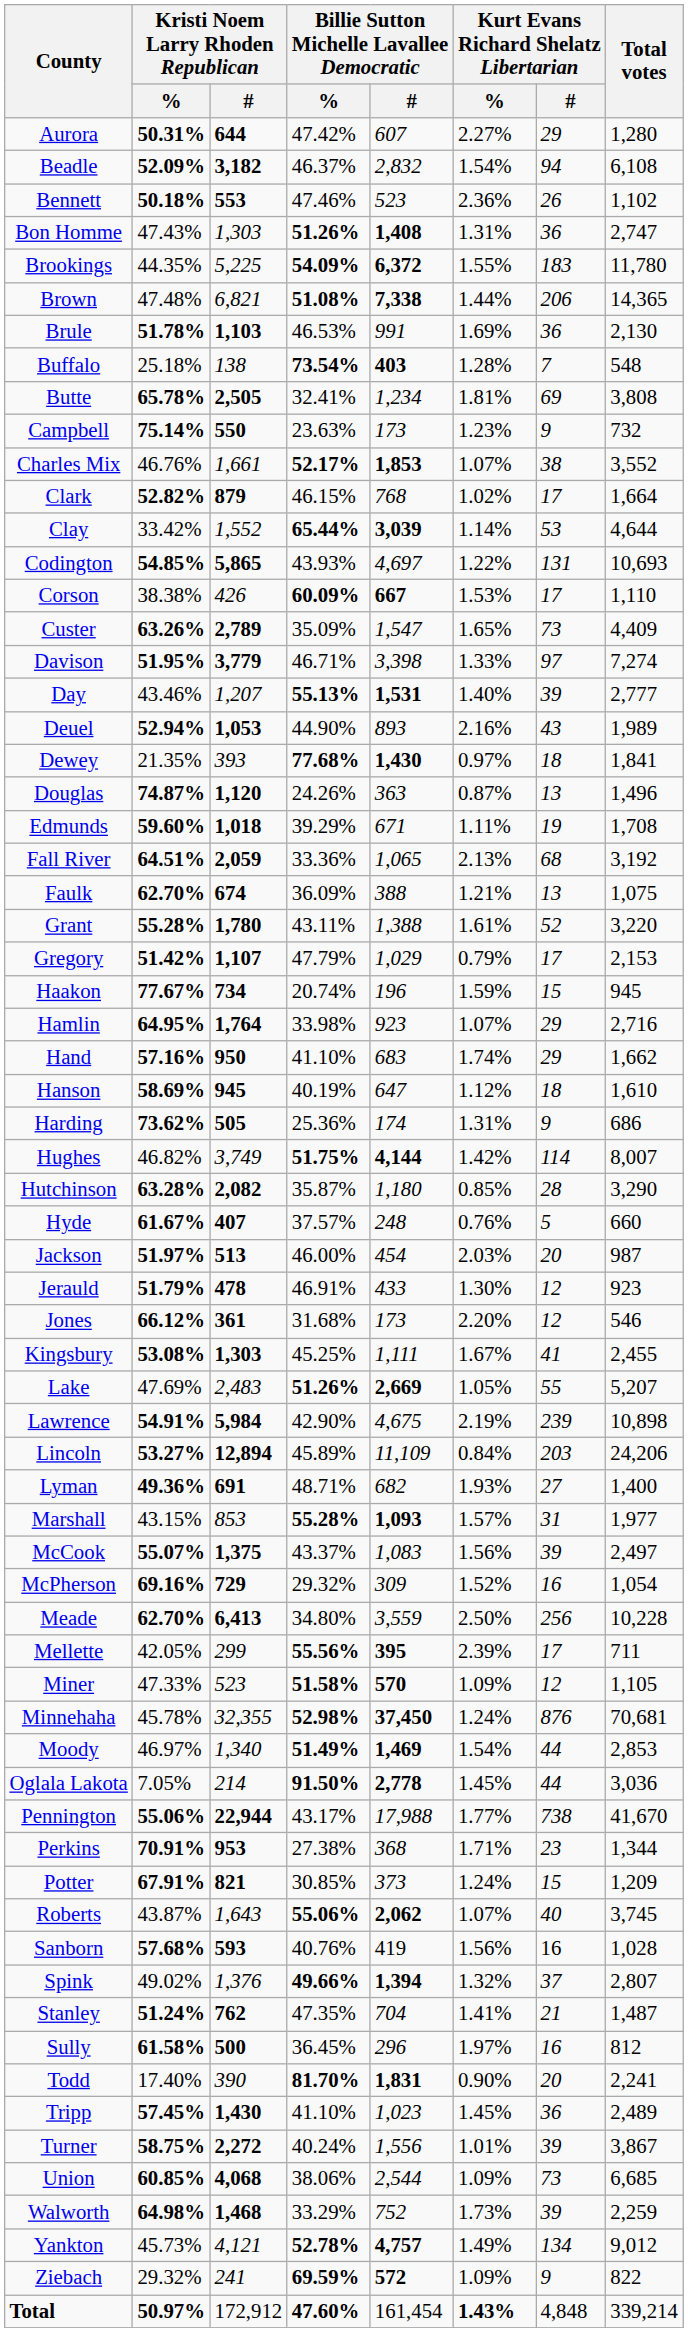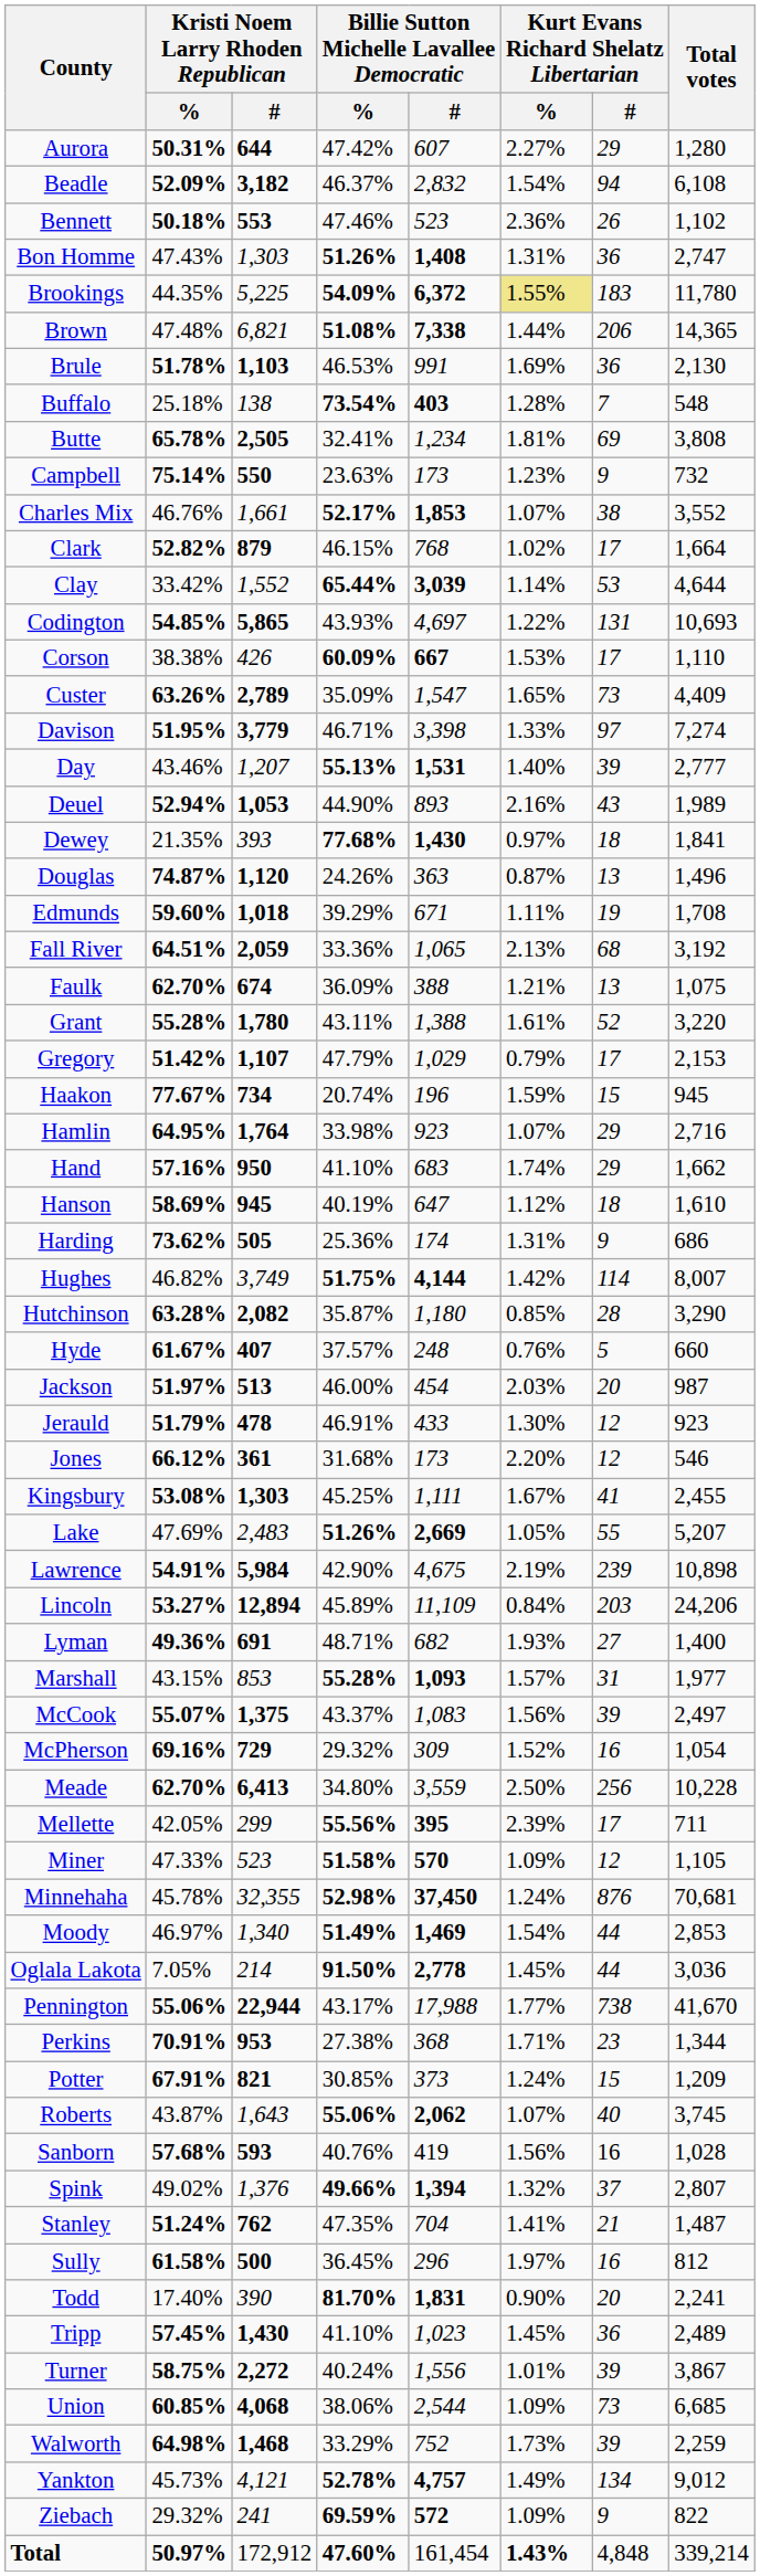 <table class="wikitable sortable">
 <tr>
 <th colspan="1" rowspan="2">County</th>
 <th colspan="2">Kristi Noem<br>Larry Rhoden<br><em>Republican</em></th>
 <th colspan="2">Billie Sutton<br>Michelle Lavallee<br><em>Democratic</em></th>
 <th colspan="2">Kurt Evans<br>Richard Shelatz<br><em>Libertarian</em></th>
 <th colspan="1" rowspan="2">Total<br>votes</th>
 </tr>
 <tr>
 <th colspan="1">%</th>
 <th colspan="1">#</th>
 <th colspan="1">%</th>
 <th colspan="1">#</th>
 <th colspan="1">%</th>
 <th colspan="1">#</th>
 </tr>
 <tr>
 <td align="center" ><a href='#'>Aurora</a></td>
 <td><strong>50.31%</strong></td>
 <td><strong>644</strong></td>
 <td>47.42%</td>
 <td><em>607</em></td>
 <td>2.27%</td>
 <td><em>29</em></td>
 <td>1,280</td>
 </tr>
 <tr>
 <td align="center" ><a href='#'>Beadle</a></td>
 <td><strong>52.09%</strong></td>
 <td><strong>3,182</strong></td>
 <td>46.37%</td>
 <td><em>2,832</em></td>
 <td>1.54%</td>
 <td><em>94</em></td>
 <td>6,108</td>
 </tr>
 <tr>
 <td align="center" ><a href='#'>Bennett</a></td>
 <td><strong>50.18%</strong></td>
 <td><strong>553</strong></td>
 <td>47.46%</td>
 <td><em>523</em></td>
 <td>2.36%</td>
 <td><em>26</em></td>
 <td>1,102</td>
 </tr>
 <tr>
 <td align="center" ><a href='#'>Bon Homme</a></td>
 <td>47.43%</td>
 <td><em>1,303</em></td>
 <td><strong>51.26%</strong></td>
 <td><strong>1,408</strong></td>
 <td>1.31%</td>
 <td><em>36</em></td>
 <td>2,747</td>
 </tr>
 <tr>
 <td align="center" ><a href='#'>Brookings</a></td>
 <td>44.35%</td>
 <td><em>5,225</em></td>
 <td><strong>54.09%</strong></td>
 <td><strong>6,372</strong></td>
-<td>1.55%</td>
+<td style="background: khaki;">1.55%</td>
 <td><em>183</em></td>
 <td>11,780</td>
 </tr>
 <tr>
 <td align="center" ><a href='#'>Brown</a></td>
 <td>47.48%</td>
 <td><em>6,821</em></td>
 <td><strong>51.08%</strong></td>
 <td><strong>7,338</strong></td>
 <td>1.44%</td>
 <td><em>206</em></td>
 <td>14,365</td>
 </tr>
 <tr>
 <td align="center" ><a href='#'>Brule</a></td>
 <td><strong>51.78%</strong></td>
 <td><strong>1,103</strong></td>
 <td>46.53%</td>
 <td><em>991</em></td>
 <td>1.69%</td>
 <td><em>36</em></td>
 <td>2,130</td>
 </tr>
 <tr>
 <td align="center" ><a href='#'>Buffalo</a></td>
 <td>25.18%</td>
 <td><em>138</em></td>
 <td><strong>73.54%</strong></td>
 <td><strong>403</strong></td>
 <td>1.28%</td>
 <td><em>7</em></td>
 <td>548</td>
 </tr>
 <tr>
 <td align="center" ><a href='#'>Butte</a></td>
 <td><strong>65.78%</strong></td>
 <td><strong>2,505</strong></td>
 <td>32.41%</td>
 <td><em>1,234</em></td>
 <td>1.81%</td>
 <td><em>69</em></td>
 <td>3,808</td>
 </tr>
 <tr>
 <td align="center" ><a href='#'>Campbell</a></td>
 <td><strong>75.14%</strong></td>
 <td><strong>550</strong></td>
 <td>23.63%</td>
 <td><em>173</em></td>
 <td>1.23%</td>
 <td><em>9</em></td>
 <td>732</td>
 </tr>
 <tr>
 <td align="center" ><a href='#'>Charles Mix</a></td>
 <td>46.76%</td>
 <td><em>1,661</em></td>
 <td><strong>52.17%</strong></td>
 <td><strong>1,853</strong></td>
 <td>1.07%</td>
 <td><em>38</em></td>
 <td>3,552</td>
 </tr>
 <tr>
 <td align="center" ><a href='#'>Clark</a></td>
 <td><strong>52.82%</strong></td>
 <td><strong>879</strong></td>
 <td>46.15%</td>
 <td><em>768</em></td>
 <td>1.02%</td>
 <td><em>17</em></td>
 <td>1,664</td>
 </tr>
 <tr>
 <td align="center" ><a href='#'>Clay</a></td>
 <td>33.42%</td>
 <td><em>1,552</em></td>
 <td><strong>65.44%</strong></td>
 <td><strong>3,039</strong></td>
 <td>1.14%</td>
 <td><em>53</em></td>
 <td>4,644</td>
 </tr>
 <tr>
 <td align="center" ><a href='#'>Codington</a></td>
 <td><strong>54.85%</strong></td>
 <td><strong>5,865</strong></td>
 <td>43.93%</td>
 <td><em>4,697</em></td>
 <td>1.22%</td>
 <td><em>131</em></td>
 <td>10,693</td>
 </tr>
 <tr>
 <td align="center" ><a href='#'>Corson</a></td>
 <td>38.38%</td>
 <td><em>426</em></td>
 <td><strong>60.09%</strong></td>
 <td><strong>667</strong></td>
 <td>1.53%</td>
 <td><em>17</em></td>
 <td>1,110</td>
 </tr>
 <tr>
 <td align="center" ><a href='#'>Custer</a></td>
 <td><strong>63.26%</strong></td>
 <td><strong>2,789</strong></td>
 <td>35.09%</td>
 <td><em>1,547</em></td>
 <td>1.65%</td>
 <td><em>73</em></td>
 <td>4,409</td>
 </tr>
 <tr>
 <td align="center" ><a href='#'>Davison</a></td>
 <td><strong>51.95%</strong></td>
 <td><strong>3,779</strong></td>
 <td>46.71%</td>
 <td><em>3,398</em></td>
 <td>1.33%</td>
 <td><em>97</em></td>
 <td>7,274</td>
 </tr>
 <tr>
 <td align="center" ><a href='#'>Day</a></td>
 <td>43.46%</td>
 <td><em>1,207</em></td>
 <td><strong>55.13%</strong></td>
 <td><strong>1,531</strong></td>
 <td>1.40%</td>
 <td><em>39</em></td>
 <td>2,777</td>
 </tr>
 <tr>
 <td align="center" ><a href='#'>Deuel</a></td>
 <td><strong>52.94%</strong></td>
 <td><strong>1,053</strong></td>
 <td>44.90%</td>
 <td><em>893</em></td>
 <td>2.16%</td>
 <td><em>43</em></td>
 <td>1,989</td>
 </tr>
 <tr>
 <td align="center" ><a href='#'>Dewey</a></td>
 <td>21.35%</td>
 <td><em>393</em></td>
 <td><strong>77.68%</strong></td>
 <td><strong>1,430</strong></td>
 <td>0.97%</td>
 <td><em>18</em></td>
 <td>1,841</td>
 </tr>
 <tr>
 <td align="center" ><a href='#'>Douglas</a></td>
 <td><strong>74.87%</strong></td>
 <td><strong>1,120</strong></td>
 <td>24.26%</td>
 <td><em>363</em></td>
 <td>0.87%</td>
 <td><em>13</em></td>
 <td>1,496</td>
 </tr>
 <tr>
 <td align="center" ><a href='#'>Edmunds</a></td>
 <td><strong>59.60%</strong></td>
 <td><strong>1,018</strong></td>
 <td>39.29%</td>
 <td><em>671</em></td>
 <td>1.11%</td>
 <td><em>19</em></td>
 <td>1,708</td>
 </tr>
 <tr>
 <td align="center" ><a href='#'>Fall River</a></td>
 <td><strong>64.51%</strong></td>
 <td><strong>2,059</strong></td>
 <td>33.36%</td>
 <td><em>1,065</em></td>
 <td>2.13%</td>
 <td><em>68</em></td>
 <td>3,192</td>
 </tr>
 <tr>
 <td align="center" ><a href='#'>Faulk</a></td>
 <td><strong>62.70%</strong></td>
 <td><strong>674</strong></td>
 <td>36.09%</td>
 <td><em>388</em></td>
 <td>1.21%</td>
 <td><em>13</em></td>
 <td>1,075</td>
 </tr>
 <tr>
 <td align="center" ><a href='#'>Grant</a></td>
 <td><strong>55.28%</strong></td>
 <td><strong>1,780</strong></td>
 <td>43.11%</td>
 <td><em>1,388</em></td>
 <td>1.61%</td>
 <td><em>52</em></td>
 <td>3,220</td>
 </tr>
 <tr>
 <td align="center" ><a href='#'>Gregory</a></td>
 <td><strong>51.42%</strong></td>
 <td><strong>1,107</strong></td>
 <td>47.79%</td>
 <td><em>1,029</em></td>
 <td>0.79%</td>
 <td><em>17</em></td>
 <td>2,153</td>
 </tr>
 <tr>
 <td align="center" ><a href='#'>Haakon</a></td>
 <td><strong>77.67%</strong></td>
 <td><strong>734</strong></td>
 <td>20.74%</td>
 <td><em>196</em></td>
 <td>1.59%</td>
 <td><em>15</em></td>
 <td>945</td>
 </tr>
 <tr>
 <td align="center" ><a href='#'>Hamlin</a></td>
 <td><strong>64.95%</strong></td>
 <td><strong>1,764</strong></td>
 <td>33.98%</td>
 <td><em>923</em></td>
 <td>1.07%</td>
 <td><em>29</em></td>
 <td>2,716</td>
 </tr>
 <tr>
 <td align="center" ><a href='#'>Hand</a></td>
 <td><strong>57.16%</strong></td>
 <td><strong>950</strong></td>
 <td>41.10%</td>
 <td><em>683</em></td>
 <td>1.74%</td>
 <td><em>29</em></td>
 <td>1,662</td>
 </tr>
 <tr>
 <td align="center" ><a href='#'>Hanson</a></td>
 <td><strong>58.69%</strong></td>
 <td><strong>945</strong></td>
 <td>40.19%</td>
 <td><em>647</em></td>
 <td>1.12%</td>
 <td><em>18</em></td>
 <td>1,610</td>
 </tr>
 <tr>
 <td align="center" ><a href='#'>Harding</a></td>
 <td><strong>73.62%</strong></td>
 <td><strong>505</strong></td>
 <td>25.36%</td>
 <td><em>174</em></td>
 <td>1.31%</td>
 <td><em>9</em></td>
 <td>686</td>
 </tr>
 <tr>
 <td align="center" ><a href='#'>Hughes</a></td>
 <td>46.82%</td>
 <td><em>3,749</em></td>
 <td><strong>51.75%</strong></td>
 <td><strong>4,144</strong></td>
 <td>1.42%</td>
 <td><em>114</em></td>
 <td>8,007</td>
 </tr>
 <tr>
 <td align="center" ><a href='#'>Hutchinson</a></td>
 <td><strong>63.28%</strong></td>
 <td><strong>2,082</strong></td>
 <td>35.87%</td>
 <td><em>1,180</em></td>
 <td>0.85%</td>
 <td><em>28</em></td>
 <td>3,290</td>
 </tr>
 <tr>
 <td align="center" ><a href='#'>Hyde</a></td>
 <td><strong>61.67%</strong></td>
 <td><strong>407</strong></td>
 <td>37.57%</td>
 <td><em>248</em></td>
 <td>0.76%</td>
 <td><em>5</em></td>
 <td>660</td>
 </tr>
 <tr>
 <td align="center" ><a href='#'>Jackson</a></td>
 <td><strong>51.97%</strong></td>
 <td><strong>513</strong></td>
 <td>46.00%</td>
 <td><em>454</em></td>
 <td>2.03%</td>
 <td><em>20</em></td>
 <td>987</td>
 </tr>
 <tr>
 <td align="center" ><a href='#'>Jerauld</a></td>
 <td><strong>51.79%</strong></td>
 <td><strong>478</strong></td>
 <td>46.91%</td>
 <td><em>433</em></td>
 <td>1.30%</td>
 <td><em>12</em></td>
 <td>923</td>
 </tr>
 <tr>
 <td align="center" ><a href='#'>Jones</a></td>
 <td><strong>66.12%</strong></td>
 <td><strong>361</strong></td>
 <td>31.68%</td>
 <td><em>173</em></td>
 <td>2.20%</td>
 <td><em>12</em></td>
 <td>546</td>
 </tr>
 <tr>
 <td align="center" ><a href='#'>Kingsbury</a></td>
 <td><strong>53.08%</strong></td>
 <td><strong>1,303</strong></td>
 <td>45.25%</td>
 <td><em>1,111</em></td>
 <td>1.67%</td>
 <td><em>41</em></td>
 <td>2,455</td>
 </tr>
 <tr>
 <td align="center" ><a href='#'>Lake</a></td>
 <td>47.69%</td>
 <td><em>2,483</em></td>
 <td><strong>51.26%</strong></td>
 <td><strong>2,669</strong></td>
 <td>1.05%</td>
 <td><em>55</em></td>
 <td>5,207</td>
 </tr>
 <tr>
 <td align="center" ><a href='#'>Lawrence</a></td>
 <td><strong>54.91%</strong></td>
 <td><strong>5,984</strong></td>
 <td>42.90%</td>
 <td><em>4,675</em></td>
 <td>2.19%</td>
 <td><em>239</em></td>
 <td>10,898</td>
 </tr>
 <tr>
 <td align="center" ><a href='#'>Lincoln</a></td>
 <td><strong>53.27%</strong></td>
 <td><strong>12,894</strong></td>
 <td>45.89%</td>
 <td><em>11,109</em></td>
 <td>0.84%</td>
 <td><em>203</em></td>
 <td>24,206</td>
 </tr>
 <tr>
 <td align="center" ><a href='#'>Lyman</a></td>
 <td><strong>49.36%</strong></td>
 <td><strong>691</strong></td>
 <td>48.71%</td>
 <td><em>682</em></td>
 <td>1.93%</td>
 <td><em>27</em></td>
 <td>1,400</td>
 </tr>
 <tr>
 <td align="center" ><a href='#'>Marshall</a></td>
 <td>43.15%</td>
 <td><em>853</em></td>
 <td><strong>55.28%</strong></td>
 <td><strong>1,093</strong></td>
 <td>1.57%</td>
 <td><em>31</em></td>
 <td>1,977</td>
 </tr>
 <tr>
 <td align="center" ><a href='#'>McCook</a></td>
 <td><strong>55.07%</strong></td>
 <td><strong>1,375</strong></td>
 <td>43.37%</td>
 <td><em>1,083</em></td>
 <td>1.56%</td>
 <td><em>39</em></td>
 <td>2,497</td>
 </tr>
 <tr>
 <td align="center" ><a href='#'>McPherson</a></td>
 <td><strong>69.16%</strong></td>
 <td><strong>729</strong></td>
 <td>29.32%</td>
 <td><em>309</em></td>
 <td>1.52%</td>
 <td><em>16</em></td>
 <td>1,054</td>
 </tr>
 <tr>
 <td align="center" ><a href='#'>Meade</a></td>
 <td><strong>62.70%</strong></td>
 <td><strong>6,413</strong></td>
 <td>34.80%</td>
 <td><em>3,559</em></td>
 <td>2.50%</td>
 <td><em>256</em></td>
 <td>10,228</td>
 </tr>
 <tr>
 <td align="center" ><a href='#'>Mellette</a></td>
 <td>42.05%</td>
 <td><em>299</em></td>
 <td><strong>55.56%</strong></td>
 <td><strong>395</strong></td>
 <td>2.39%</td>
 <td><em>17</em></td>
 <td>711</td>
 </tr>
 <tr>
 <td align="center" ><a href='#'>Miner</a></td>
 <td>47.33%</td>
 <td><em>523</em></td>
 <td><strong>51.58%</strong></td>
 <td><strong>570</strong></td>
 <td>1.09%</td>
 <td><em>12</em></td>
 <td>1,105</td>
 </tr>
 <tr>
 <td align="center" ><a href='#'>Minnehaha</a></td>
 <td>45.78%</td>
 <td><em>32,355</em></td>
 <td><strong>52.98%</strong></td>
 <td><strong>37,450</strong></td>
 <td>1.24%</td>
 <td><em>876</em></td>
 <td>70,681</td>
 </tr>
 <tr>
 <td align="center" ><a href='#'>Moody</a></td>
 <td>46.97%</td>
 <td><em>1,340</em></td>
 <td><strong>51.49%</strong></td>
 <td><strong>1,469</strong></td>
 <td>1.54%</td>
 <td><em>44</em></td>
 <td>2,853</td>
 </tr>
 <tr>
 <td align="center" ><a href='#'>Oglala Lakota</a></td>
 <td>7.05%</td>
 <td><em>214</em></td>
 <td><strong>91.50%</strong></td>
 <td><strong>2,778</strong></td>
 <td>1.45%</td>
 <td><em>44</em></td>
 <td>3,036</td>
 </tr>
 <tr>
 <td align="center" ><a href='#'>Pennington</a></td>
 <td><strong>55.06%</strong></td>
 <td><strong>22,944</strong></td>
 <td>43.17%</td>
 <td><em>17,988</em></td>
 <td>1.77%</td>
 <td><em>738</em></td>
 <td>41,670</td>
 </tr>
 <tr>
 <td align="center" ><a href='#'>Perkins</a></td>
 <td><strong>70.91%</strong></td>
 <td><strong>953</strong></td>
 <td>27.38%</td>
 <td><em>368</em></td>
 <td>1.71%</td>
 <td><em>23</em></td>
 <td>1,344</td>
 </tr>
 <tr>
 <td align="center" ><a href='#'>Potter</a></td>
 <td><strong>67.91%</strong></td>
 <td><strong>821</strong></td>
 <td>30.85%</td>
 <td><em>373</em></td>
 <td>1.24%</td>
 <td><em>15</em></td>
 <td>1,209</td>
 </tr>
 <tr>
 <td align="center" ><a href='#'>Roberts</a></td>
 <td>43.87%</td>
 <td><em>1,643</em></td>
 <td><strong>55.06%</strong></td>
 <td><strong>2,062</strong></td>
 <td>1.07%</td>
 <td><em>40</em></td>
 <td>3,745</td>
 </tr>
 <tr>
 <td align="center" ><a href='#'>Sanborn</a></td>
 <td><strong>57.68%</strong></td>
 <td><strong>593</strong></td>
 <td>40.76%</td>
 <td>419</td>
 <td>1.56%</td>
 <td>16</td>
 <td>1,028</td>
 </tr>
 <tr>
 <td align="center" ><a href='#'>Spink</a></td>
 <td>49.02%</td>
 <td><em>1,376</em></td>
 <td><strong>49.66%</strong></td>
 <td><strong>1,394</strong></td>
 <td>1.32%</td>
 <td><em>37</em></td>
 <td>2,807</td>
 </tr>
 <tr>
 <td align="center" ><a href='#'>Stanley</a></td>
 <td><strong>51.24%</strong></td>
 <td><strong>762</strong></td>
 <td>47.35%</td>
 <td><em>704</em></td>
 <td>1.41%</td>
 <td><em>21</em></td>
 <td>1,487</td>
 </tr>
 <tr>
 <td align="center" ><a href='#'>Sully</a></td>
 <td><strong>61.58%</strong></td>
 <td><strong>500</strong></td>
 <td>36.45%</td>
 <td><em>296</em></td>
 <td>1.97%</td>
 <td><em>16</em></td>
 <td>812</td>
 </tr>
 <tr>
 <td align="center" ><a href='#'>Todd</a></td>
 <td>17.40%</td>
 <td><em>390</em></td>
 <td><strong>81.70%</strong></td>
 <td><strong>1,831</strong></td>
 <td>0.90%</td>
 <td><em>20</em></td>
 <td>2,241</td>
 </tr>
 <tr>
 <td align="center" ><a href='#'>Tripp</a></td>
 <td><strong>57.45%</strong></td>
 <td><strong>1,430</strong></td>
 <td>41.10%</td>
 <td><em>1,023</em></td>
 <td>1.45%</td>
 <td><em>36</em></td>
 <td>2,489</td>
 </tr>
 <tr>
 <td align="center" ><a href='#'>Turner</a></td>
 <td><strong>58.75%</strong></td>
 <td><strong>2,272</strong></td>
 <td>40.24%</td>
 <td><em>1,556</em></td>
 <td>1.01%</td>
 <td><em>39</em></td>
 <td>3,867</td>
 </tr>
 <tr>
 <td align="center" ><a href='#'>Union</a></td>
 <td><strong>60.85%</strong></td>
 <td><strong>4,068</strong></td>
 <td>38.06%</td>
 <td><em>2,544</em></td>
 <td>1.09%</td>
 <td><em>73</em></td>
 <td>6,685</td>
 </tr>
 <tr>
 <td align="center" ><a href='#'>Walworth</a></td>
 <td><strong>64.98%</strong></td>
 <td><strong>1,468</strong></td>
 <td>33.29%</td>
 <td><em>752</em></td>
 <td>1.73%</td>
 <td><em>39</em></td>
 <td>2,259</td>
 </tr>
 <tr>
 <td align="center" ><a href='#'>Yankton</a></td>
 <td>45.73%</td>
 <td><em>4,121</em></td>
 <td><strong>52.78%</strong></td>
 <td><strong>4,757</strong></td>
 <td>1.49%</td>
 <td><em>134</em></td>
 <td>9,012</td>
 </tr>
 <tr>
 <td align="center" ><a href='#'>Ziebach</a></td>
 <td>29.32%</td>
 <td><em>241</em></td>
 <td><strong>69.59%</strong></td>
 <td><strong>572</strong></td>
 <td>1.09%</td>
 <td><em>9</em></td>
 <td>822</td>
 </tr>
 <tr>
 <td><strong>Total</strong></td>
 <td><strong>50.97%</strong></td>
 <td>172,912</td>
 <td><strong>47.60%</strong></td>
 <td>161,454</td>
 <td><strong>1.43%</strong></td>
 <td>4,848</td>
 <td>339,214</td>
 </tr>
 </table>
